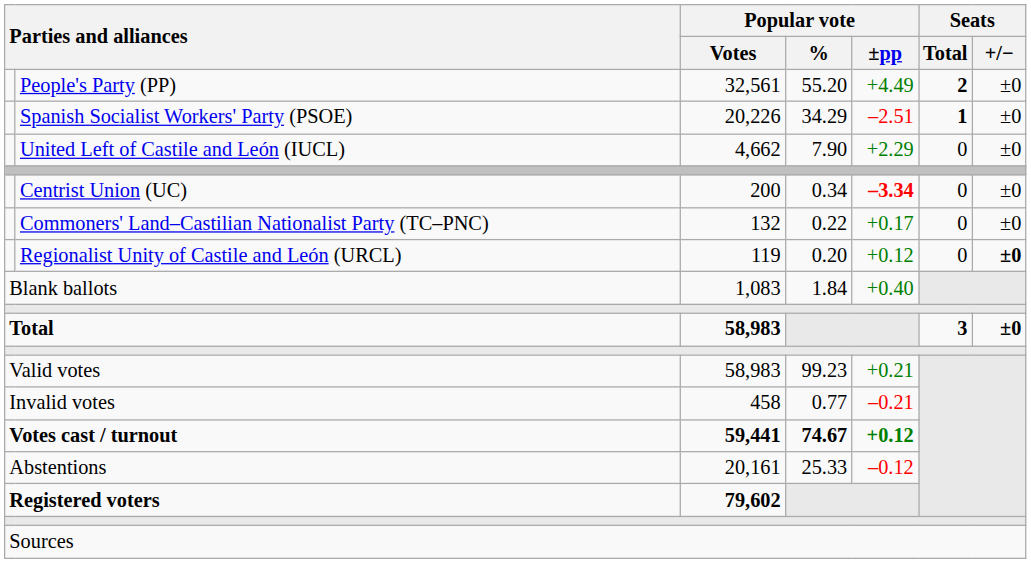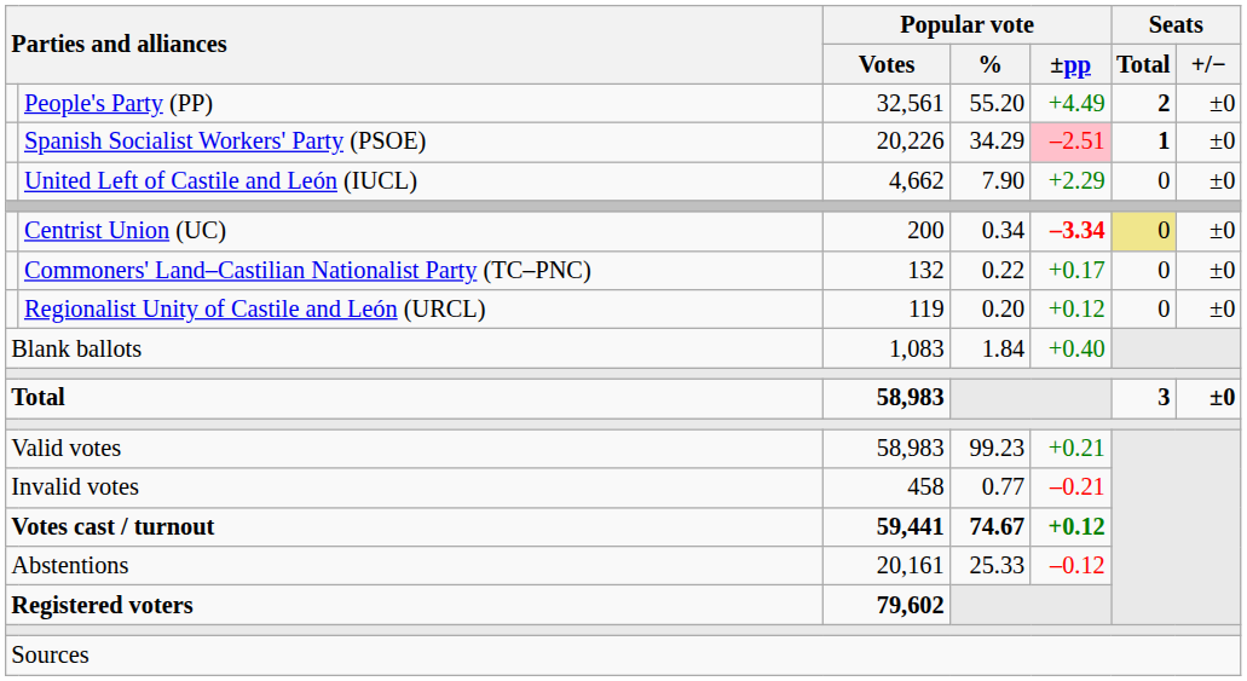 <table class="wikitable" style="text-align:right;">
 <tr>
 <th style="text-align:left;" rowspan="2" colspan="2" width="525">Parties and alliances</th>
 <th colspan="3">Popular vote</th>
 <th colspan="2">Seats</th>
 </tr>
 <tr>
 <th width="75">Votes</th>
 <th width="45">%</th>
 <th width="45">±<a href='#'>pp</a></th>
 <th width="35">Total</th>
 <th width="35">+/−</th>
 </tr>
 <tr>
 <td width="1" style="color:inherit;background:"></td>
 <td align="left"><a href='#'>People's Party</a> (PP)</td>
 <td>32,561</td>
 <td>55.20</td>
 <td style="color:green;">+4.49</td>
 <td><strong>2</strong></td>
 <td>±0</td>
 </tr>
 <tr>
 <td style="color:inherit;background:"></td>
 <td align="left"><a href='#'>Spanish Socialist Workers' Party</a> (PSOE)</td>
 <td>20,226</td>
 <td>34.29</td>
-<td style="color:red;">–2.51</td>
+<td style="background: pink; color:red;">–2.51</td>
 <td><strong>1</strong></td>
 <td>±0</td>
 </tr>
 <tr>
 <td style="color:inherit;background:"></td>
 <td align="left"><a href='#'>United Left of Castile and León</a> (IUCL)</td>
 <td>4,662</td>
 <td>7.90</td>
 <td style="color:green;">+2.29</td>
 <td>0</td>
 <td>±0</td>
 </tr>
 <tr>
 <td colspan="7" bgcolor="#C0C0C0"></td>
 </tr>
 <tr>
 <td style="color:inherit;background:"></td>
 <td align="left"><a href='#'>Centrist Union</a> (UC)</td>
 <td>200</td>
 <td>0.34</td>
 <td style="color:red;"><strong>–3.34</strong></td>
-<td>0</td>
+<td style="background: khaki;">0</td>
 <td>±0</td>
 </tr>
 <tr>
 <td style="color:inherit;background:"></td>
 <td align="left"><a href='#'>Commoners' Land–Castilian Nationalist Party</a> (TC–PNC)</td>
 <td>132</td>
 <td>0.22</td>
 <td style="color:green;">+0.17</td>
 <td>0</td>
 <td>±0</td>
 </tr>
 <tr>
 <td style="color:inherit;background:"></td>
 <td align="left"><a href='#'>Regionalist Unity of Castile and León</a> (URCL)</td>
 <td>119</td>
 <td>0.20</td>
 <td style="color:green;">+0.12</td>
 <td>0</td>
-<td><strong>±0</strong></td>
+<td>±0</td>
 </tr>
 <tr>
 <td align="left" colspan="2">Blank ballots</td>
 <td>1,083</td>
 <td>1.84</td>
 <td style="color:green;">+0.40</td>
 <td bgcolor="#E9E9E9" colspan="2"></td>
 </tr>
 <tr>
 <td colspan="7" bgcolor="#E9E9E9"></td>
 </tr>
 <tr style="font-weight:bold;">
 <td align="left" colspan="2">Total</td>
 <td>58,983</td>
 <td bgcolor="#E9E9E9" colspan="2"></td>
 <td>3</td>
 <td>±0</td>
 </tr>
 <tr>
 <td colspan="7" bgcolor="#E9E9E9"></td>
 </tr>
 <tr>
 <td align="left" colspan="2">Valid votes</td>
 <td>58,983</td>
 <td>99.23</td>
 <td style="color:green;">+0.21</td>
 <td bgcolor="#E9E9E9" colspan="2" rowspan="5"></td>
 </tr>
 <tr>
 <td align="left" colspan="2">Invalid votes</td>
 <td>458</td>
 <td>0.77</td>
 <td style="color:red;">–0.21</td>
 </tr>
 <tr style="font-weight:bold;">
 <td align="left" colspan="2">Votes cast / turnout</td>
 <td>59,441</td>
 <td>74.67</td>
 <td style="color:green;">+0.12</td>
 </tr>
 <tr>
 <td align="left" colspan="2">Abstentions</td>
 <td>20,161</td>
 <td>25.33</td>
 <td style="color:red;">–0.12</td>
 </tr>
 <tr style="font-weight:bold;">
 <td align="left" colspan="2">Registered voters</td>
 <td>79,602</td>
 <td bgcolor="#E9E9E9" colspan="2"></td>
 </tr>
 <tr>
 <td colspan="7" bgcolor="#E9E9E9"></td>
 </tr>
 <tr>
 <td align="left" colspan="7">Sources</td>
 </tr>
 </table>
